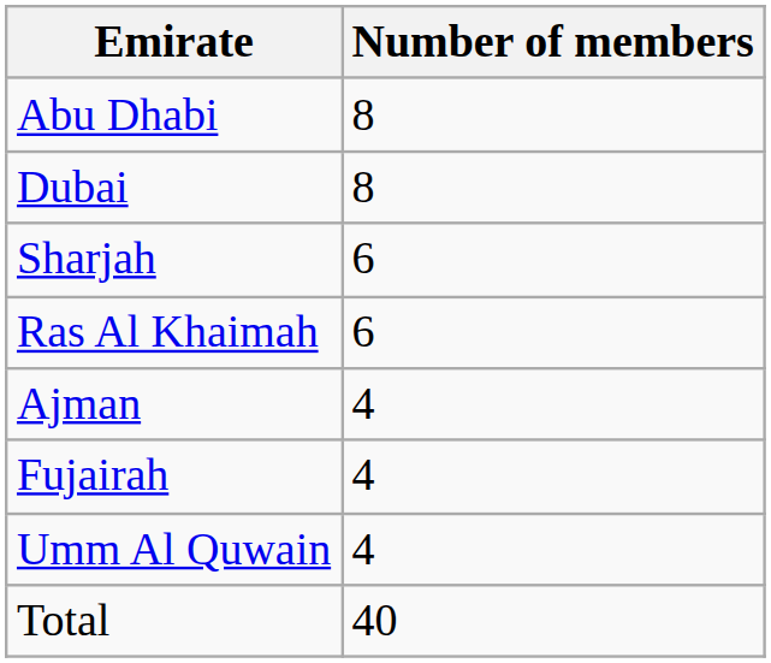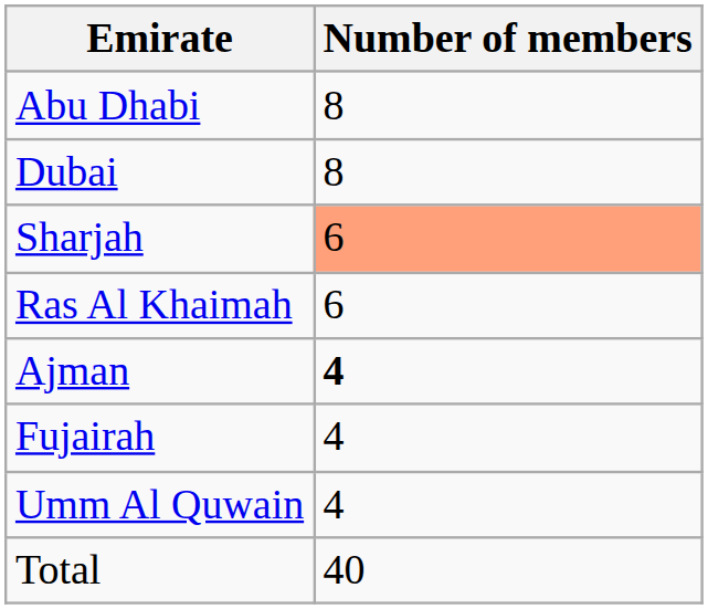 <table align="center" class="wikitable sortable">
 <tr>
 <th>Emirate</th>
 <th>Number of members</th>
 </tr>
 <tr>
 <td><a href='#'>Abu Dhabi</a></td>
 <td>8</td>
 </tr>
 <tr>
 <td><a href='#'>Dubai</a></td>
 <td>8</td>
 </tr>
 <tr>
 <td><a href='#'>Sharjah</a></td>
-<td>6</td>
+<td style="background: lightsalmon;">6</td>
 </tr>
 <tr>
 <td><a href='#'>Ras Al Khaimah</a></td>
 <td>6</td>
 </tr>
 <tr>
 <td><a href='#'>Ajman</a></td>
-<td>4</td>
+<td><strong>4</strong></td>
 </tr>
 <tr>
 <td><a href='#'>Fujairah</a></td>
 <td>4</td>
 </tr>
 <tr>
 <td><a href='#'>Umm Al Quwain</a></td>
 <td>4</td>
 </tr>
 <tr class="sortbottom">
 <td>Total</td>
 <td>40</td>
 </tr>
 </table>
